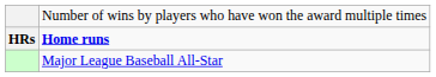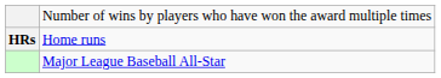 <table class="wikitable plainrowheaders">
 <tr>
 <th scope="row" style="text-align:center"></th>
 <td>Number of wins by players who have won the award multiple times</td>
 </tr>
 <tr>
 <th scope="row" style="text-align:center">HRs</th>
-<td><strong><a href='#'>Home runs</a></strong></td>
+<td><a href='#'>Home runs</a></td>
 </tr>
 <tr>
 <th scope="row" style="background:#cfc; text-align:center"></th>
 <td><a href='#'>Major League Baseball All-Star</a></td>
 </tr>
 </table>
